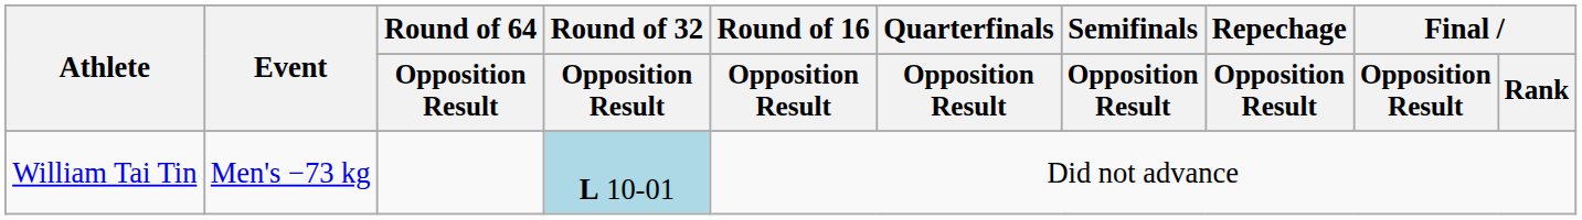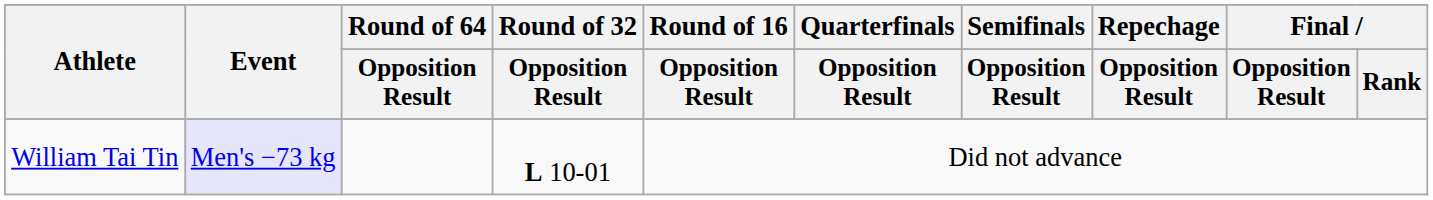 <table class="wikitable" style="font-size:90%">
 <tr>
 <th rowspan="2">Athlete</th>
 <th rowspan="2">Event</th>
 <th>Round of 64</th>
 <th>Round of 32</th>
 <th>Round of 16</th>
 <th>Quarterfinals</th>
 <th>Semifinals</th>
 <th>Repechage</th>
 <th colspan=2>Final / </th>
 </tr>
 <tr style="font-size:95%">
 <th>Opposition<br>Result</th>
 <th>Opposition<br>Result</th>
 <th>Opposition<br>Result</th>
 <th>Opposition<br>Result</th>
 <th>Opposition<br>Result</th>
 <th>Opposition<br>Result</th>
 <th>Opposition<br>Result</th>
 <th>Rank</th>
 </tr>
 <tr align=center>
 <td align=left><a href='#'>William Tai Tin</a></td>
-<td align=left><a href='#'>Men's −73 kg</a></td>
+<td align=left style="background: lavender;"><a href='#'>Men's −73 kg</a></td>
 <td></td>
-<td style="background: lightblue;"><br><strong>L</strong> 10-01</td>
+<td><br><strong>L</strong> 10-01</td>
 <td colspan=6>Did not advance</td>
 </tr>
 </table>
